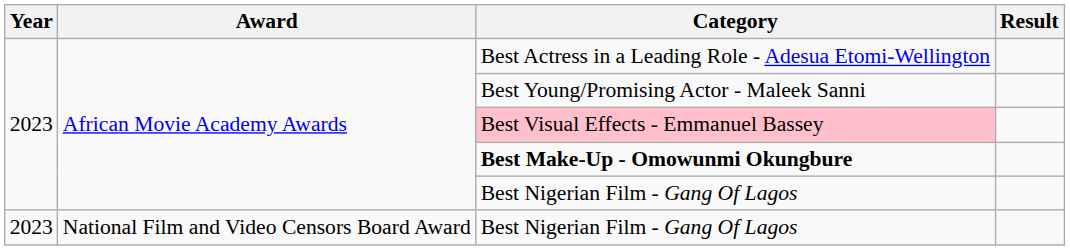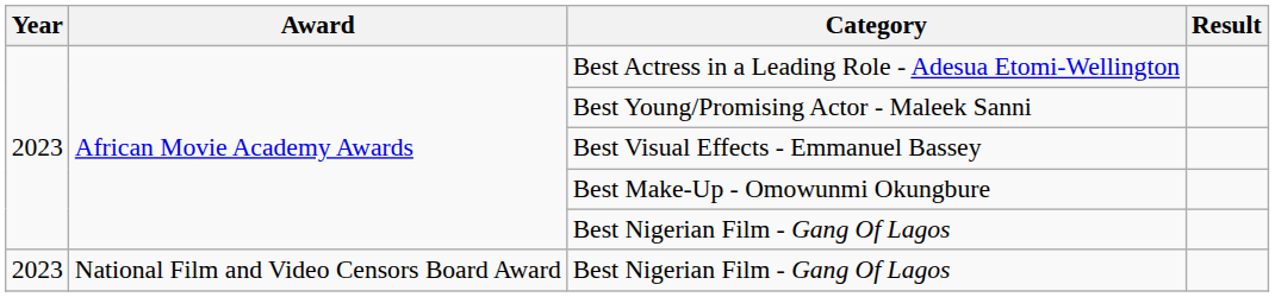 <table class="wikitable">
 <tr>
 <th>Year</th>
 <th>Award</th>
 <th>Category</th>
 <th>Result</th>
 </tr>
 <tr>
 <td rowspan="5">2023</td>
 <td rowspan="5"><a href='#'>African Movie Academy Awards</a></td>
 <td>Best Actress in a Leading Role - <a href='#'>Adesua Etomi-Wellington</a></td>
 <td></td>
 </tr>
 <tr>
 <td>Best Young/Promising Actor - Maleek Sanni</td>
 <td></td>
 </tr>
 <tr>
-<td style="background: pink;">Best Visual Effects - Emmanuel Bassey</td>
+<td>Best Visual Effects - Emmanuel Bassey</td>
 <td></td>
 </tr>
 <tr>
-<td><strong>Best Make-Up - Omowunmi Okungbure</strong></td>
+<td>Best Make-Up - Omowunmi Okungbure</td>
 <td></td>
 </tr>
 <tr>
 <td>Best Nigerian Film - <em>Gang Of Lagos</em></td>
 <td></td>
 </tr>
 <tr>
 <td rowspan="1">2023</td>
 <td>National Film and Video Censors Board Award</td>
 <td>Best Nigerian Film - <em>Gang Of Lagos</em></td>
 <td></td>
 </tr>
 </table>
